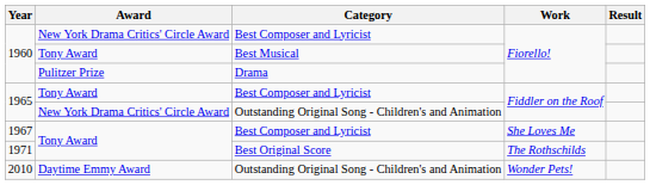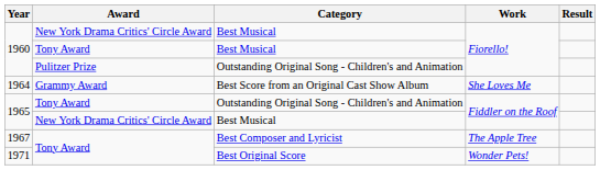 <table class="wikitable">
 <tr>
 <th>Year</th>
 <th>Award</th>
 <th>Category</th>
 <th>Work</th>
 <th>Result</th>
 </tr>
 <tr>
 <td rowspan="3">1960</td>
 <td><a href='#'>New York Drama Critics' Circle Award</a></td>
-<td><a href='#'>Best Composer and Lyricist</a></td>
+<td><a href='#'>Best Musical</a></td>
 <td rowspan="3”"><em><a href='#'>Fiorello!</a></em></td>
 <td></td>
 </tr>
 <tr>
 <td><a href='#'>Tony Award</a></td>
 <td><a href='#'>Best Musical</a></td>
 <td></td>
 </tr>
 <tr>
 <td><a href='#'>Pulitzer Prize</a></td>
-<td><a href='#'>Drama</a></td>
+<td>Outstanding Original Song - Children's and Animation</td>
+<td></td>
+</tr>
+<tr>
+<td>1964</td>
+<td><a href='#'>Grammy Award</a></td>
+<td>Best Score from an Original Cast Show Album</td>
+<td><em><a href='#'>She Loves Me</a></em></td>
 <td></td>
 </tr>
 <tr>
 <td rowspan="2">1965</td>
 <td><a href='#'>Tony Award</a></td>
-<td><a href='#'>Best Composer and Lyricist</a></td>
+<td>Outstanding Original Song - Children's and Animation</td>
 <td rowspan="2"><em><a href='#'>Fiddler on the Roof</a></em></td>
 <td></td>
 </tr>
 <tr>
 <td><a href='#'>New York Drama Critics' Circle Award</a></td>
-<td>Outstanding Original Song - Children's and Animation</td>
+<td>Best Musical</td>
 <td></td>
 </tr>
 <tr>
 <td>1967</td>
 <td rowspan="2"><a href='#'>Tony Award</a></td>
 <td><a href='#'>Best Composer and Lyricist</a></td>
-<td><em><a href='#'>She Loves Me</a></em></td>
+<td><em><a href='#'>The Apple Tree</a></em></td>
 <td></td>
 </tr>
 <tr>
 <td>1971</td>
 <td><a href='#'>Best Original Score</a></td>
-<td><em><a href='#'>The Rothschilds</a></em></td>
-<td></td>
-</tr>
-<tr>
-<td>2010</td>
-<td><a href='#'>Daytime Emmy Award</a></td>
-<td>Outstanding Original Song - Children's and Animation</td>
 <td><em><a href='#'>Wonder Pets!</a></em></td>
 <td></td>
 </tr>
 </table>
